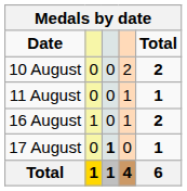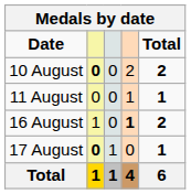 <table class="wikitable" style="font-size:85%">
 <tr bgcolor="#efefef">
 <th colspan=6>Medals by date</th>
 </tr>
 <tr align=center>
 <td><strong>Date</strong></td>
 <td bgcolor=#f7f6a8></td>
 <td bgcolor=#dce5e5></td>
 <td bgcolor=#ffdab9></td>
 <td><strong>Total</strong></td>
 </tr>
 <tr align=center>
 <td>10 August</td>
-<td style="background:#F7F6A8;">0</td>
+<td style="background:#F7F6A8;"><strong>0</strong></td>
 <td style="background:#DCE5E5;">0</td>
 <td style="background:#FFDAB9;">2</td>
 <td><strong>2</strong></td>
 </tr>
 <tr align=center>
 <td>11 August</td>
 <td style="background:#F7F6A8;">0</td>
 <td style="background:#DCE5E5;">0</td>
 <td style="background:#FFDAB9;">1</td>
 <td><strong>1</strong></td>
 </tr>
 <tr align=center>
 <td>16 August</td>
 <td style="background:#F7F6A8;">1</td>
 <td style="background:#DCE5E5;">0</td>
-<td style="background:#FFDAB9;">1</td>
+<td style="background:#FFDAB9;"><strong>1</strong></td>
 <td><strong>2</strong></td>
 </tr>
 <tr align=center>
 <td>17 August</td>
-<td style="background:#F7F6A8;">0</td>
-<td style="background:#DCE5E5;"><strong>1</strong></td>
+<td style="background:#F7F6A8;"><strong>0</strong></td>
+<td style="background:#DCE5E5;">1</td>
 <td style="background:#FFDAB9;">0</td>
 <td><strong>1</strong></td>
 </tr>
 <tr align=center>
 <th><strong>Total</strong></th>
 <th style="background:gold;"><strong>1</strong></th>
 <th style="background:silver;"><strong>1</strong></th>
 <th style="background:#c96;"><strong>4</strong></th>
 <th>6</th>
 </tr>
 </table>
